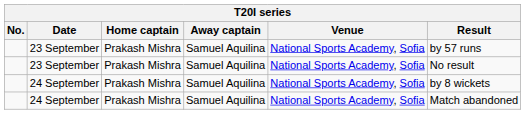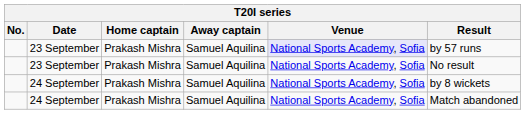 <table class="wikitable">
 <tr>
 <th colspan="9">T20I series</th>
 </tr>
 <tr>
 <th>No.</th>
 <th>Date</th>
 <th>Home captain</th>
 <th>Away captain</th>
 <th>Venue</th>
 <th>Result</th>
 </tr>
 <tr>
 <td></td>
 <td>23 September</td>
 <td>Prakash Mishra</td>
 <td>Samuel Aquilina</td>
-<td><a href='#'>National Sports Academy</a>, <a href='#'>Sofia</a></td>
+<td style="background: lavender;"><a href='#'>National Sports Academy</a>, <a href='#'>Sofia</a></td>
 <td> by 57 runs</td>
 </tr>
 <tr>
 <td></td>
 <td>23 September</td>
 <td>Prakash Mishra</td>
 <td>Samuel Aquilina</td>
 <td><a href='#'>National Sports Academy</a>, <a href='#'>Sofia</a></td>
 <td>No result</td>
 </tr>
 <tr>
 <td></td>
 <td>24 September</td>
 <td>Prakash Mishra</td>
 <td>Samuel Aquilina</td>
 <td><a href='#'>National Sports Academy</a>, <a href='#'>Sofia</a></td>
 <td> by 8 wickets</td>
 </tr>
 <tr>
 <td></td>
 <td>24 September</td>
 <td>Prakash Mishra</td>
 <td>Samuel Aquilina</td>
 <td><a href='#'>National Sports Academy</a>, <a href='#'>Sofia</a></td>
 <td>Match abandoned</td>
 </tr>
 </table>
